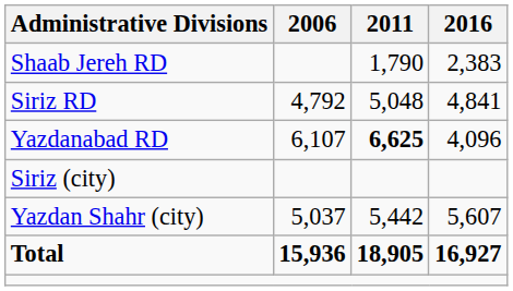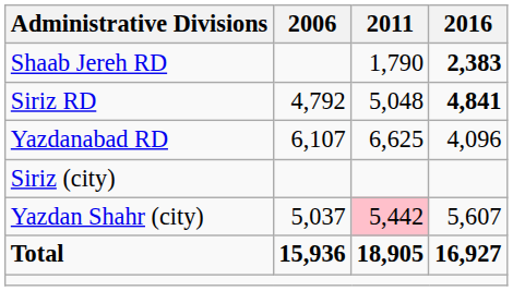 <table class="wikitable">
 <tr>
 <th>Administrative Divisions</th>
 <th>2006</th>
 <th>2011</th>
 <th>2016</th>
 </tr>
 <tr>
 <td><a href='#'>Shaab Jereh RD</a></td>
 <td style="text-align: right;"></td>
 <td style="text-align: right;">1,790</td>
-<td style="text-align: right;">2,383</td>
+<td style="text-align: right;"><strong>2,383</strong></td>
 </tr>
 <tr>
 <td><a href='#'>Siriz RD</a></td>
 <td style="text-align: right;">4,792</td>
 <td style="text-align: right;">5,048</td>
-<td style="text-align: right;">4,841</td>
+<td style="text-align: right;"><strong>4,841</strong></td>
 </tr>
 <tr>
 <td><a href='#'>Yazdanabad RD</a></td>
 <td style="text-align: right;">6,107</td>
-<td style="text-align: right;"><strong>6,625</strong></td>
+<td style="text-align: right;">6,625</td>
 <td style="text-align: right;">4,096</td>
 </tr>
 <tr>
 <td><a href='#'>Siriz</a> (city)</td>
 <td style="text-align: right;"></td>
 <td style="text-align: right;"></td>
 <td style="text-align: right;"></td>
 </tr>
 <tr>
 <td><a href='#'>Yazdan Shahr</a> (city)</td>
 <td style="text-align: right;">5,037</td>
-<td style="text-align: right;">5,442</td>
+<td style="background: pink; text-align: right;">5,442</td>
 <td style="text-align: right;">5,607</td>
 </tr>
 <tr>
 <td><strong>Total</strong></td>
 <td style="text-align: right;"><strong>15,936</strong></td>
 <td style="text-align: right;"><strong>18,905</strong></td>
 <td style="text-align: right;"><strong>16,927</strong></td>
 </tr>
 <tr>
 <td colspan=4></td>
 </tr>
 </table>
